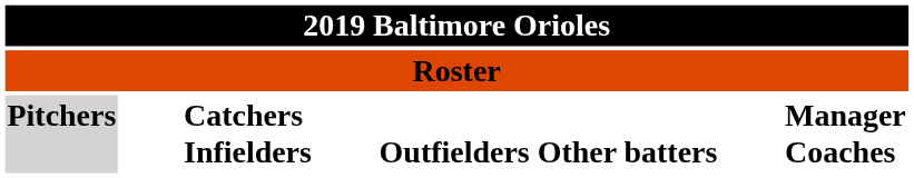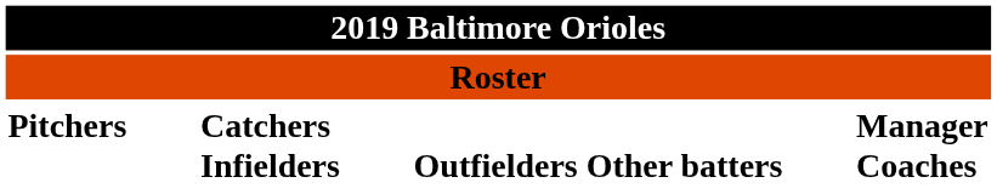 <table class="toccolours" style="font-size: 95%;">
 <tr>
 <th colspan="10" style="background:#000000; color:#FFFFFF; text-align:center;">2019 Baltimore Orioles</th>
 </tr>
 <tr>
 <td colspan="10" style="background:#DF4601; color:#000000; text-align:center;"><strong>Roster</strong></td>
 </tr>
 <tr>
-<td valign="top" style="background: lightgrey;"><strong>Pitchers</strong><br>                                </td>
+<td valign="top"><strong>Pitchers</strong><br>                                </td>
 <td style="width:25px;"></td>
 <td valign="top"><strong>Catchers</strong><br>    <strong>Infielders</strong>       </td>
 <td style="width:25px;"></td>
 <td valign="top"><br><strong>Outfielders</strong>             <strong>Other batters</strong> </td>
 <td style="width:25px;"></td>
 <td valign="top"><strong>Manager</strong><br> <strong>Coaches</strong>                  </td>
 </tr>
 </table>
